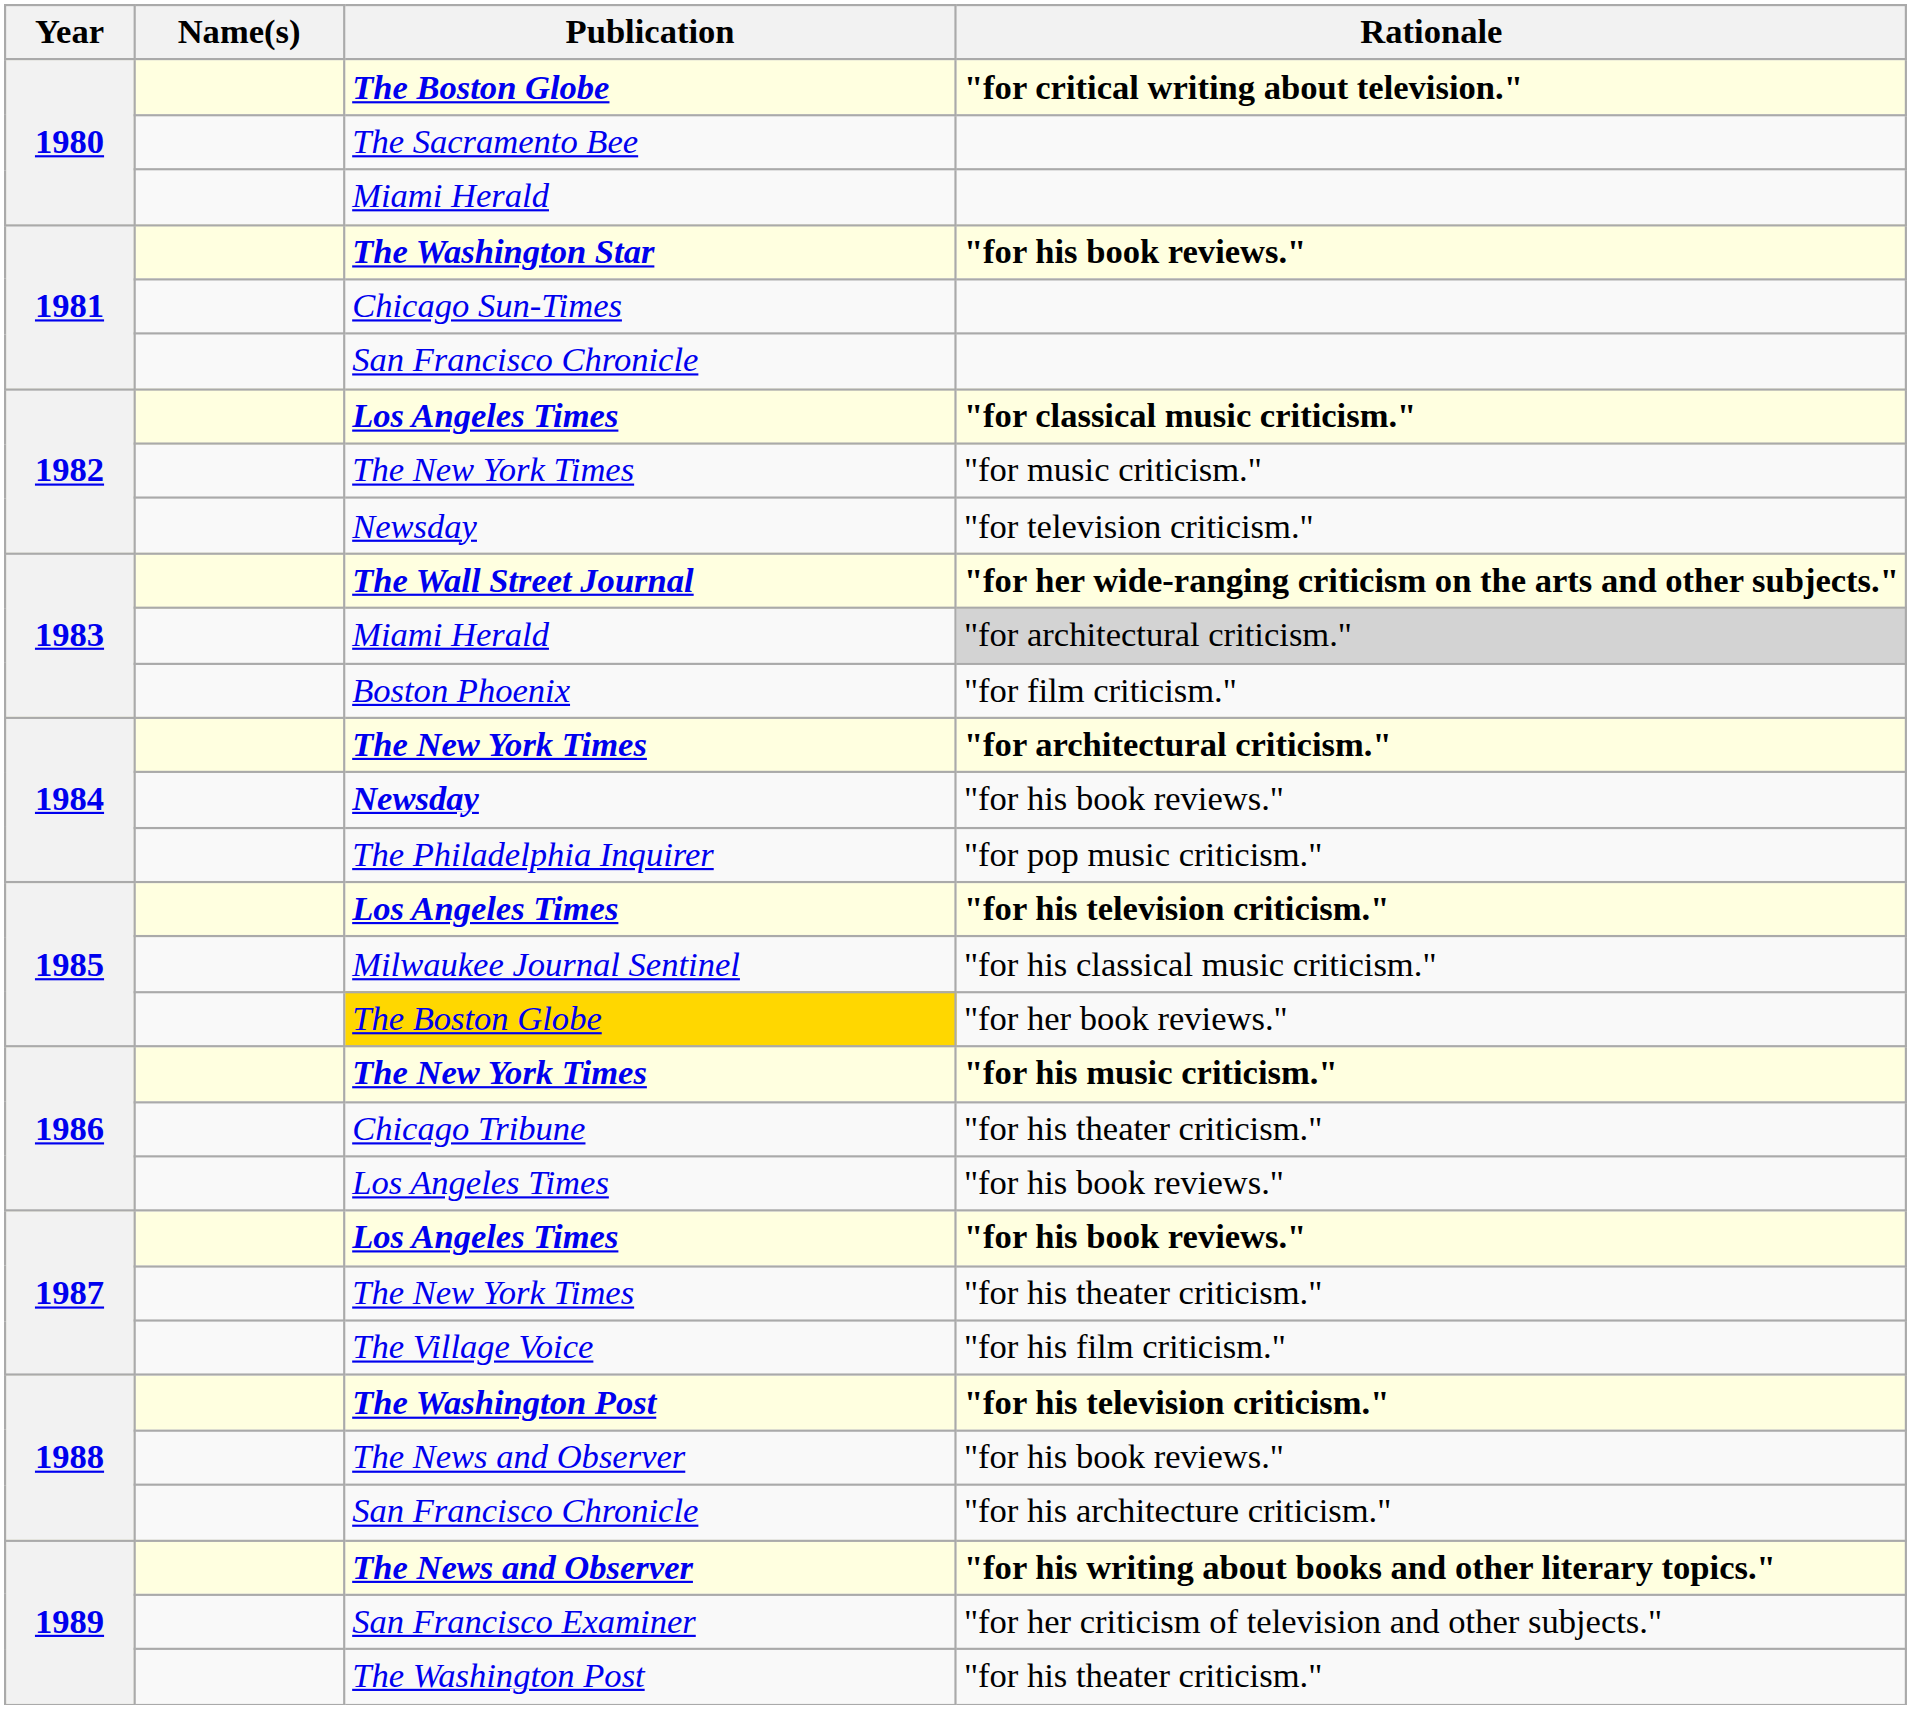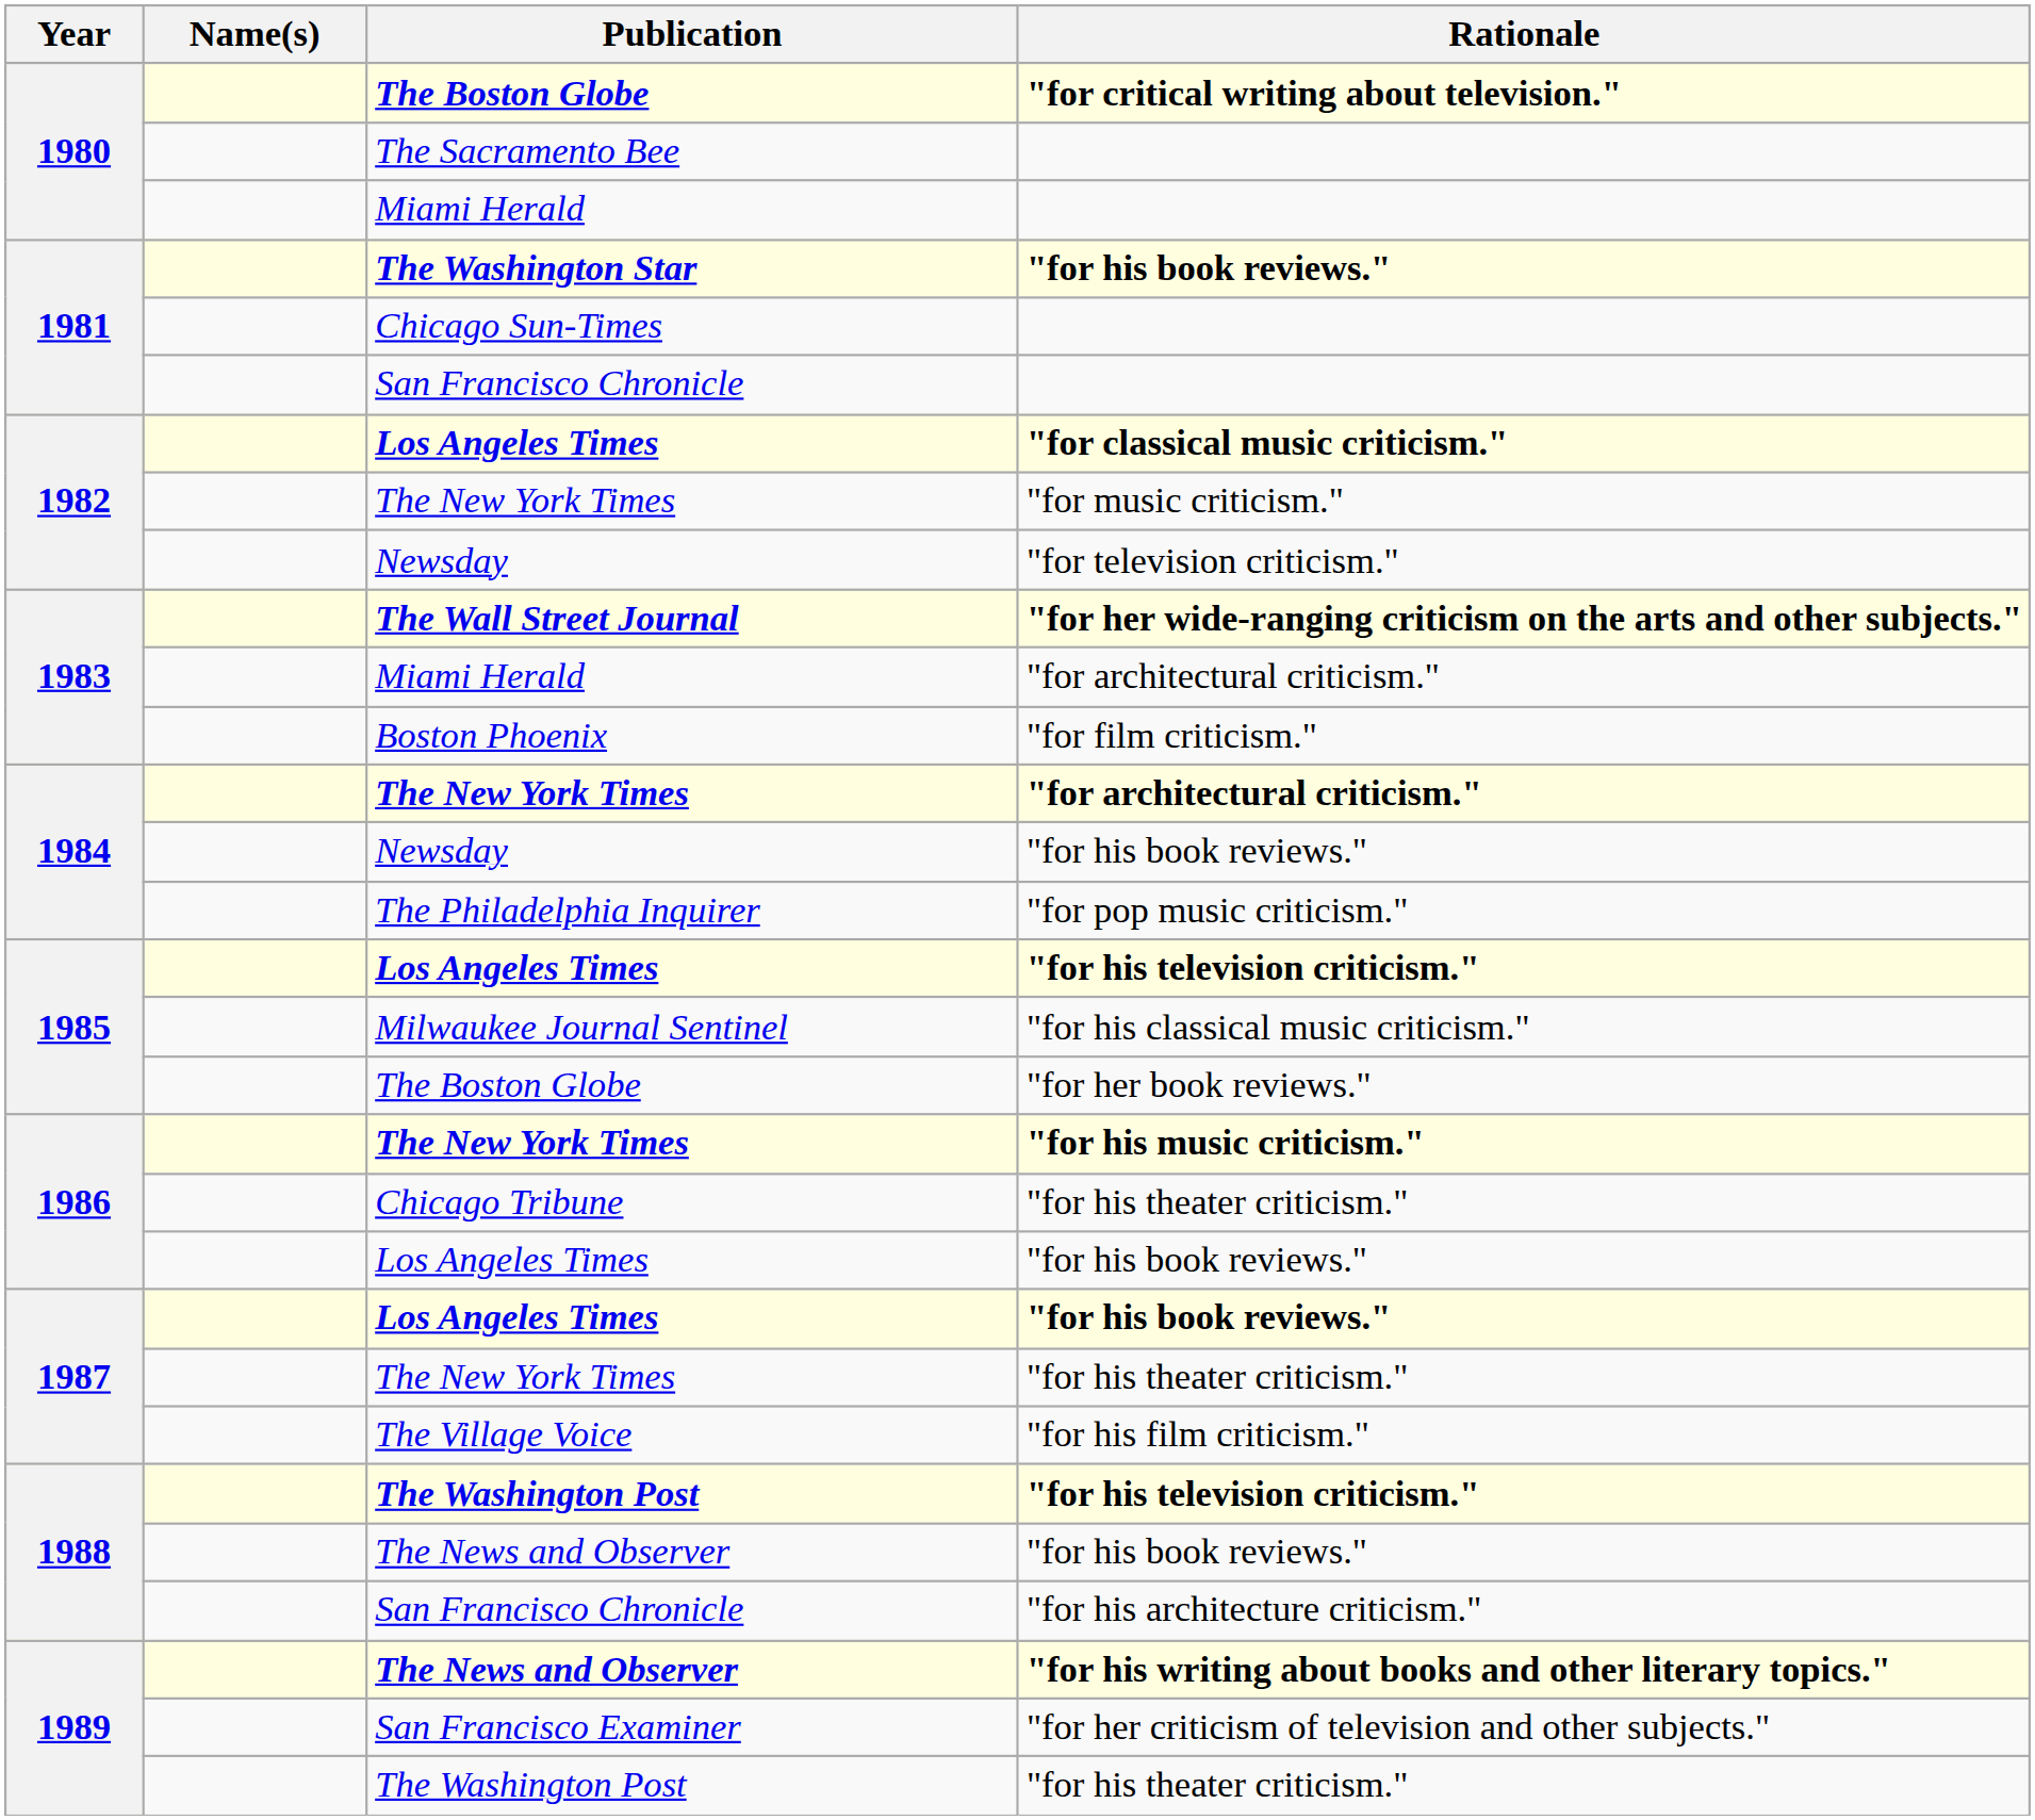 <table class="wikitable sortable">
 <tr style="vertical-align:bottom;">
 <th>Year</th>
 <th>Name(s)</th>
 <th>Publication</th>
 <th width=50%>Rationale</th>
 </tr>
 <tr style="background-color:lightyellow;">
 <th rowspan=3><strong><a href='#'>1980</a></strong></th>
 <td><strong></strong></td>
 <td><strong><em><a href='#'>The Boston Globe</a></em></strong></td>
 <td><strong>"for critical writing about television."</strong></td>
 </tr>
 <tr>
 <td></td>
 <td><em><a href='#'>The Sacramento Bee</a></em></td>
 <td></td>
 </tr>
 <tr>
 <td></td>
 <td><em><a href='#'>Miami Herald</a></em></td>
 <td></td>
 </tr>
 <tr style="background-color:lightyellow;">
 <th rowspan=3><strong><a href='#'>1981</a></strong></th>
 <td><strong></strong></td>
 <td><strong><em><a href='#'>The Washington Star</a></em></strong></td>
 <td><strong>"for his book reviews."</strong></td>
 </tr>
 <tr>
 <td></td>
 <td><em><a href='#'>Chicago Sun-Times</a></em></td>
 <td></td>
 </tr>
 <tr>
 <td></td>
 <td><em><a href='#'>San Francisco Chronicle</a></em></td>
 <td></td>
 </tr>
 <tr style="background-color:lightyellow;">
 <th rowspan=3><strong><a href='#'>1982</a></strong></th>
 <td><strong></strong></td>
 <td><strong><em><a href='#'>Los Angeles Times</a></em></strong></td>
 <td><strong>"for classical music criticism."</strong></td>
 </tr>
 <tr>
 <td></td>
 <td><em><a href='#'>The New York Times</a></em></td>
 <td>"for music criticism."</td>
 </tr>
 <tr>
 <td></td>
 <td><em><a href='#'>Newsday</a></em></td>
 <td>"for television criticism."</td>
 </tr>
 <tr style="background-color:lightyellow;">
 <th rowspan=3><strong><a href='#'>1983</a></strong></th>
 <td><strong></strong></td>
 <td><strong><em><a href='#'>The Wall Street Journal</a></em></strong></td>
 <td><strong>"for her wide-ranging criticism on the arts and other subjects."</strong></td>
 </tr>
 <tr>
 <td></td>
 <td><em><a href='#'>Miami Herald</a></em></td>
-<td style="background: lightgrey;">"for architectural criticism."</td>
+<td>"for architectural criticism."</td>
 </tr>
 <tr>
 <td></td>
 <td><em><a href='#'>Boston Phoenix</a></em></td>
 <td>"for film criticism."</td>
 </tr>
 <tr style="background-color:lightyellow;">
 <th rowspan=3><strong><a href='#'>1984</a></strong></th>
 <td><strong></strong></td>
 <td><strong><em><a href='#'>The New York Times</a></em></strong></td>
 <td><strong>"for architectural criticism."</strong></td>
 </tr>
 <tr>
 <td></td>
-<td><strong><em><a href='#'>Newsday</a></em></strong></td>
+<td><em><a href='#'>Newsday</a></em></td>
 <td>"for his book reviews."</td>
 </tr>
 <tr>
 <td></td>
 <td><em><a href='#'>The Philadelphia Inquirer</a></em></td>
 <td>"for pop music criticism."</td>
 </tr>
 <tr style="background-color:lightyellow;">
 <th rowspan=3><strong><a href='#'>1985</a></strong></th>
 <td><strong></strong></td>
 <td><strong><em><a href='#'>Los Angeles Times</a></em></strong></td>
 <td><strong>"for his television criticism."</strong></td>
 </tr>
 <tr>
 <td></td>
 <td><em><a href='#'>Milwaukee Journal Sentinel</a></em></td>
 <td>"for his classical music criticism."</td>
 </tr>
 <tr>
 <td></td>
-<td style="background: gold;"><em><a href='#'>The Boston Globe</a></em></td>
+<td><em><a href='#'>The Boston Globe</a></em></td>
 <td>"for her book reviews."</td>
 </tr>
 <tr style="background-color:lightyellow;">
 <th rowspan=3><strong><a href='#'>1986</a></strong></th>
 <td><strong></strong></td>
 <td><strong><em><a href='#'>The New York Times</a></em></strong></td>
 <td><strong>"for his music criticism."</strong></td>
 </tr>
 <tr>
 <td></td>
 <td><em><a href='#'>Chicago Tribune</a></em></td>
 <td>"for his theater criticism."</td>
 </tr>
 <tr>
 <td></td>
 <td><em><a href='#'>Los Angeles Times</a></em></td>
 <td>"for his book reviews."</td>
 </tr>
 <tr style="background-color:lightyellow;">
 <th rowspan=3><strong><a href='#'>1987</a></strong></th>
 <td><strong></strong></td>
 <td><strong><em><a href='#'>Los Angeles Times</a></em></strong></td>
 <td><strong>"for his book reviews."</strong></td>
 </tr>
 <tr>
 <td></td>
 <td><em><a href='#'>The New York Times</a></em></td>
 <td>"for his theater criticism."</td>
 </tr>
 <tr>
 <td></td>
 <td><em><a href='#'>The Village Voice</a></em></td>
 <td>"for his film criticism."</td>
 </tr>
 <tr style="background-color:lightyellow;">
 <th rowspan=3><strong><a href='#'>1988</a></strong></th>
 <td><strong></strong></td>
 <td><strong><em><a href='#'>The Washington Post</a></em></strong></td>
 <td><strong>"for his television criticism."</strong></td>
 </tr>
 <tr>
 <td></td>
 <td><em><a href='#'>The News and Observer</a></em></td>
 <td>"for his book reviews."</td>
 </tr>
 <tr>
 <td></td>
 <td><em><a href='#'>San Francisco Chronicle</a></em></td>
 <td>"for his architecture criticism."</td>
 </tr>
 <tr style="background-color:lightyellow;">
 <th rowspan=3><strong><a href='#'>1989</a></strong></th>
 <td><strong></strong></td>
 <td><strong><em><a href='#'>The News and Observer</a></em></strong></td>
 <td><strong>"for his writing about books and other literary topics."</strong></td>
 </tr>
 <tr>
 <td></td>
 <td><em><a href='#'>San Francisco Examiner</a></em></td>
 <td>"for her criticism of television and other subjects."</td>
 </tr>
 <tr>
 <td></td>
 <td><em><a href='#'>The Washington Post</a></em></td>
 <td>"for his theater criticism."</td>
 </tr>
 </table>
